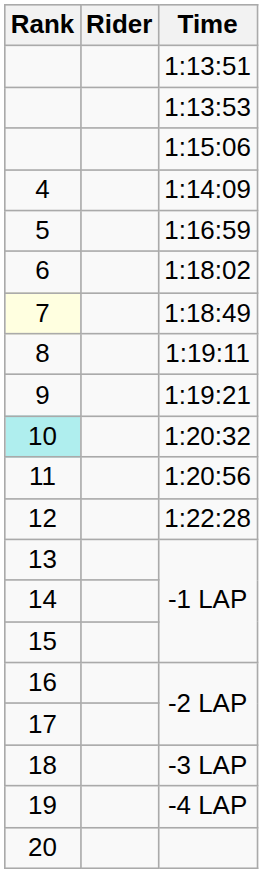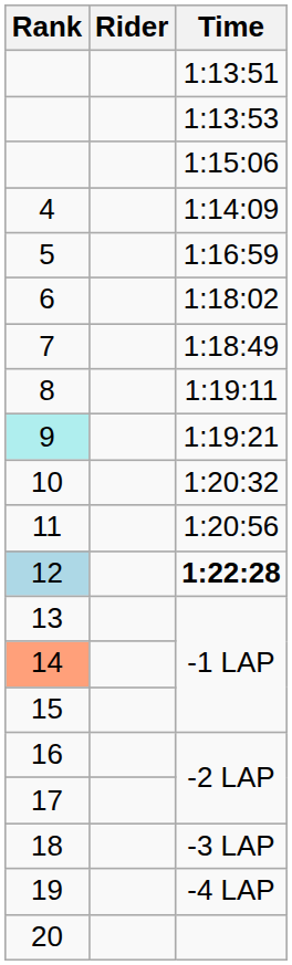 <table class="wikitable sortable"  style="text-align:center">
 <tr>
 <th>Rank</th>
 <th>Rider</th>
 <th>Time</th>
 </tr>
 <tr>
 <td></td>
 <td align="left"></td>
 <td>1:13:51</td>
 </tr>
 <tr>
 <td></td>
 <td align="left"></td>
 <td>1:13:53</td>
 </tr>
 <tr>
 <td></td>
 <td align="left"></td>
 <td>1:15:06</td>
 </tr>
 <tr>
 <td>4</td>
 <td align="left"></td>
 <td>1:14:09</td>
 </tr>
 <tr>
 <td>5</td>
 <td align="left"></td>
 <td>1:16:59</td>
 </tr>
 <tr>
 <td>6</td>
 <td align="left"></td>
 <td>1:18:02</td>
 </tr>
 <tr>
-<td style="background: lightyellow;">7</td>
+<td>7</td>
 <td align="left"></td>
 <td>1:18:49</td>
 </tr>
 <tr>
 <td>8</td>
 <td align="left"></td>
 <td>1:19:11</td>
 </tr>
 <tr>
-<td>9</td>
+<td style="background: paleturquoise;">9</td>
 <td align="left"></td>
 <td>1:19:21</td>
 </tr>
 <tr>
-<td style="background: paleturquoise;">10</td>
+<td>10</td>
 <td align="left"></td>
 <td>1:20:32</td>
 </tr>
 <tr>
 <td>11</td>
 <td align="left"></td>
 <td>1:20:56</td>
 </tr>
 <tr>
-<td>12</td>
+<td style="background: lightblue;">12</td>
 <td align="left"></td>
-<td>1:22:28</td>
+<td><strong>1:22:28</strong></td>
 </tr>
 <tr>
 <td>13</td>
 <td align="left"></td>
 <td rowspan=3>-1 LAP</td>
 </tr>
 <tr>
-<td>14</td>
+<td style="background: lightsalmon;">14</td>
 <td align="left"></td>
 </tr>
 <tr>
 <td>15</td>
 <td align="left"></td>
 </tr>
 <tr>
 <td>16</td>
 <td align="left"></td>
 <td rowspan=2>-2 LAP</td>
 </tr>
 <tr>
 <td>17</td>
 <td align="left"></td>
 </tr>
 <tr>
 <td>18</td>
 <td align="left"></td>
 <td>-3 LAP</td>
 </tr>
 <tr>
 <td>19</td>
 <td align="left"></td>
 <td>-4 LAP</td>
 </tr>
 <tr>
 <td>20</td>
 <td align="left"></td>
 <td></td>
 </tr>
 </table>
